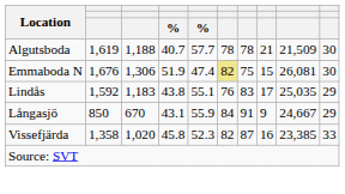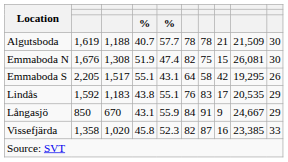 <table role="presentation" class="wikitable sortable mw-collapsible">
 <tr>
 <th rowspan="3">Location</th>
 <th></th>
 <th></th>
 <th></th>
 <th></th>
 <th></th>
 <th></th>
 <th></th>
 <th></th>
 <th></th>
 </tr>
 <tr>
 <th></th>
 <th></th>
 <th style="background:"></th>
 <th style="background:"></th>
 <th></th>
 <th></th>
 <th></th>
 <th></th>
 <th></th>
 </tr>
 <tr>
 <th data-sort-type="number"></th>
 <th data-sort-type="number"></th>
 <th data-sort-type="number">%</th>
 <th data-sort-type="number">%</th>
 <th data-sort-type="number"></th>
 <th data-sort-type="number"></th>
 <th data-sort-type="number"></th>
 <th data-sort-type="number"></th>
 <th data-sort-type="number"></th>
 </tr>
 <tr>
 <td align="left">Algutsboda</td>
 <td>1,619</td>
 <td>1,188</td>
 <td>40.7</td>
 <td>57.7</td>
 <td>78</td>
 <td>78</td>
 <td>21</td>
 <td>21,509</td>
 <td>30</td>
 </tr>
 <tr>
 <td align="left">Emmaboda N</td>
 <td>1,676</td>
-<td>1,306</td>
+<td>1,308</td>
 <td>51.9</td>
 <td>47.4</td>
-<td style="background: khaki;">82</td>
+<td>82</td>
 <td>75</td>
 <td>15</td>
 <td>26,081</td>
 <td>30</td>
+</tr>
+<tr>
+<td align="left">Emmaboda S</td>
+<td>2,205</td>
+<td>1,517</td>
+<td>55.1</td>
+<td>43.1</td>
+<td>64</td>
+<td>58</td>
+<td>42</td>
+<td>19,295</td>
+<td>26</td>
 </tr>
 <tr>
 <td align="left">Lindås</td>
 <td>1,592</td>
 <td>1,183</td>
 <td>43.8</td>
 <td>55.1</td>
 <td>76</td>
 <td>83</td>
 <td>17</td>
-<td>25,035</td>
+<td>20,535</td>
 <td>29</td>
 </tr>
 <tr>
 <td align="left">Långasjö</td>
 <td>850</td>
 <td>670</td>
 <td>43.1</td>
 <td>55.9</td>
 <td>84</td>
 <td>91</td>
 <td>9</td>
 <td>24,667</td>
 <td>29</td>
 </tr>
 <tr>
 <td align="left">Vissefjärda</td>
 <td>1,358</td>
 <td>1,020</td>
 <td>45.8</td>
 <td>52.3</td>
 <td>82</td>
 <td>87</td>
 <td>16</td>
 <td>23,385</td>
 <td>33</td>
 </tr>
 <tr>
 <td colspan="10" align="left">Source: <a href='#'>SVT</a></td>
 </tr>
 </table>
